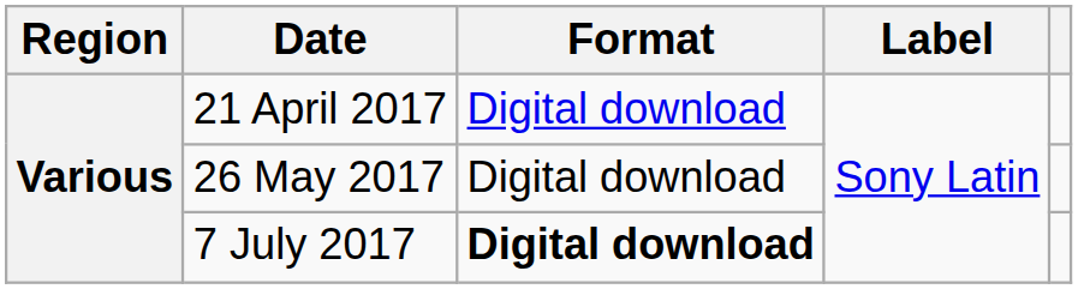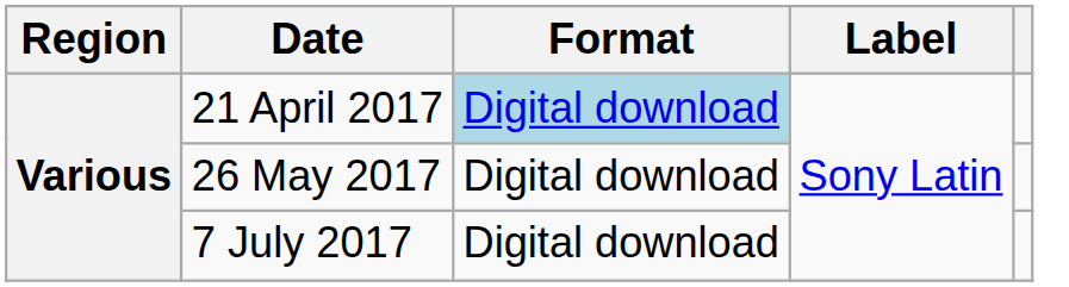 <table class="wikitable plainrowheaders">
 <tr>
 <th scope="col">Region</th>
 <th scope="col">Date</th>
 <th scope="col">Format</th>
 <th scope="col">Label</th>
 <th scope="col"></th>
 </tr>
 <tr>
 <th scope="row" rowspan="3">Various</th>
 <td>21 April 2017</td>
-<td><a href='#'>Digital download</a></td>
+<td style="background: lightblue;"><a href='#'>Digital download</a></td>
 <td rowspan="3"><a href='#'>Sony Latin</a></td>
 <td></td>
 </tr>
 <tr>
 <td>26 May 2017</td>
 <td>Digital download </td>
 <td></td>
 </tr>
 <tr>
 <td>7 July 2017</td>
-<td><strong>Digital download </strong></td>
+<td>Digital download </td>
 <td></td>
 </tr>
 </table>
